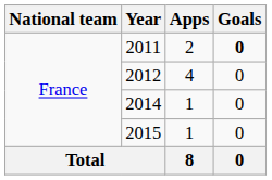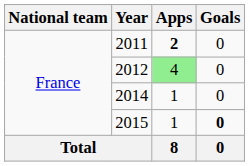 <table class="wikitable" style="text-align:center">
 <tr>
 <th>National team</th>
 <th>Year</th>
 <th>Apps</th>
 <th>Goals</th>
 </tr>
 <tr>
 <td rowspan="4"><a href='#'>France</a></td>
 <td>2011</td>
-<td>2</td>
-<td><strong>0</strong></td>
+<td><strong>2</strong></td>
+<td>0</td>
 </tr>
 <tr>
 <td>2012</td>
-<td>4</td>
+<td style="background: lightgreen;">4</td>
 <td>0</td>
 </tr>
 <tr>
 <td>2014</td>
 <td>1</td>
 <td>0</td>
 </tr>
 <tr>
 <td>2015</td>
 <td>1</td>
-<td>0</td>
+<td><strong>0</strong></td>
 </tr>
 <tr>
 <th colspan="2">Total</th>
 <th>8</th>
 <th>0</th>
 </tr>
 </table>
